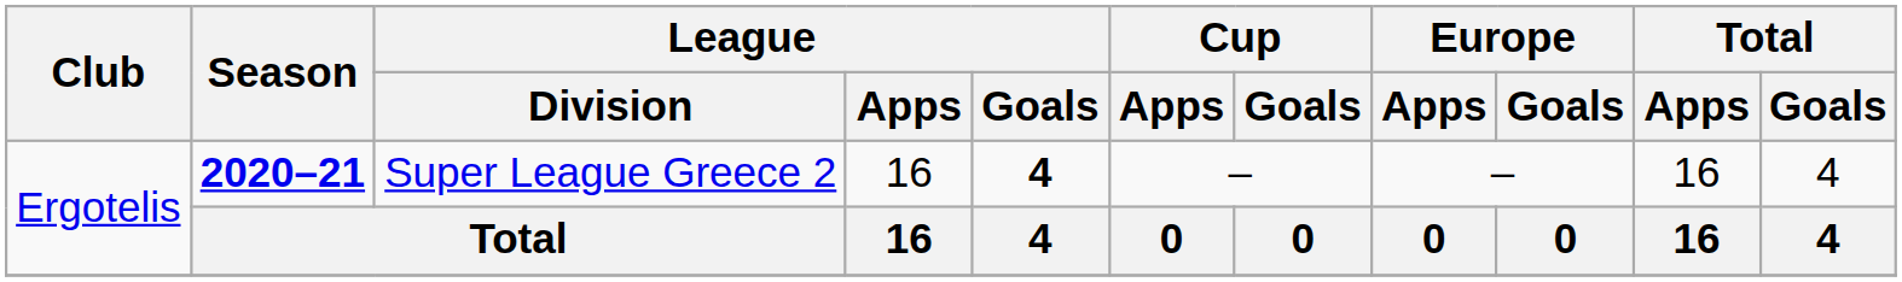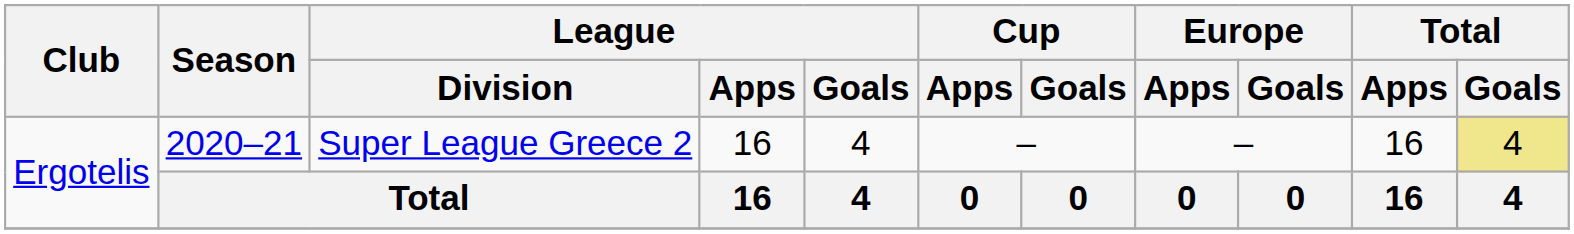 <table class="wikitable" style="text-align: center;">
 <tr>
 <th rowspan="2">Club</th>
 <th rowspan="2">Season</th>
 <th colspan="3">League</th>
 <th colspan="2">Cup</th>
 <th colspan="2">Europe</th>
 <th colspan="2">Total</th>
 </tr>
 <tr>
 <th>Division</th>
 <th>Apps</th>
 <th>Goals</th>
 <th>Apps</th>
 <th>Goals</th>
 <th>Apps</th>
 <th>Goals</th>
 <th>Apps</th>
 <th>Goals</th>
 </tr>
 <tr>
 <td rowspan="2" valign="center"><a href='#'>Ergotelis</a></td>
-<td><strong><a href='#'>2020–21</a></strong></td>
+<td><a href='#'>2020–21</a></td>
 <td rowspan="1"><a href='#'>Super League Greece 2</a></td>
 <td>16</td>
-<td><strong>4</strong></td>
+<td>4</td>
 <td colspan="2">–</td>
 <td colspan="2">–</td>
 <td>16</td>
-<td>4</td>
+<td style="background: khaki;">4</td>
 </tr>
 <tr>
 <th colspan="2">Total</th>
 <th>16</th>
 <th>4</th>
 <th>0</th>
 <th>0</th>
 <th>0</th>
 <th>0</th>
 <th>16</th>
 <th>4</th>
 </tr>
 <tr>
 </tr>
 </table>
